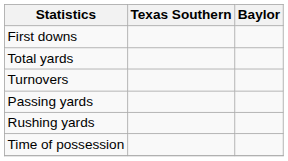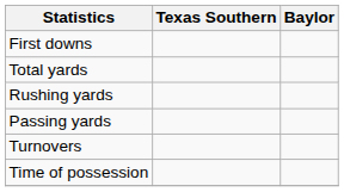 <table class="wikitable">
 <tr>
 <th>Statistics</th>
 <th>Texas Southern</th>
 <th>Baylor</th>
 </tr>
 <tr>
 <td>First downs</td>
 <td> </td>
 <td> </td>
 </tr>
 <tr>
 <td>Total yards</td>
 <td> </td>
 <td> </td>
 </tr>
 <tr>
-<td>Turnovers</td>
+<td>Rushing yards</td>
 <td> </td>
 <td> </td>
 </tr>
 <tr>
 <td>Passing yards</td>
 <td> </td>
 <td> </td>
 </tr>
 <tr>
-<td>Rushing yards</td>
+<td>Turnovers</td>
 <td> </td>
 <td> </td>
 </tr>
 <tr>
 <td>Time of possession</td>
 <td> </td>
 <td> </td>
 </tr>
 <tr>
 </tr>
 </table>
